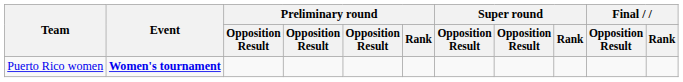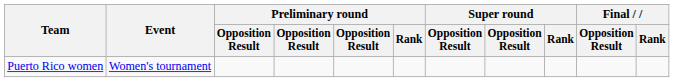 <table class=wikitable style=font-size:90%>
 <tr>
 <th rowspan=2>Team</th>
 <th rowspan=2>Event</th>
 <th colspan=4>Preliminary round</th>
 <th colspan=3>Super round</th>
 <th colspan=2>Final /  / </th>
 </tr>
 <tr style=font-size:95%>
 <th>Opposition<br>Result</th>
 <th>Opposition<br>Result</th>
 <th>Opposition<br>Result</th>
 <th>Rank</th>
 <th>Opposition<br>Result</th>
 <th>Opposition<br>Result</th>
 <th>Rank</th>
 <th>Opposition<br>Result</th>
 <th>Rank</th>
 </tr>
 <tr align=center>
 <td align=left><a href='#'>Puerto Rico women</a></td>
-<td align=left><strong><a href='#'>Women's tournament</a></strong></td>
+<td align=left><a href='#'>Women's tournament</a></td>
 <td></td>
 <td></td>
 <td></td>
 <td></td>
 <td></td>
 <td></td>
 <td></td>
 <td></td>
 <td></td>
 </tr>
 </table>
